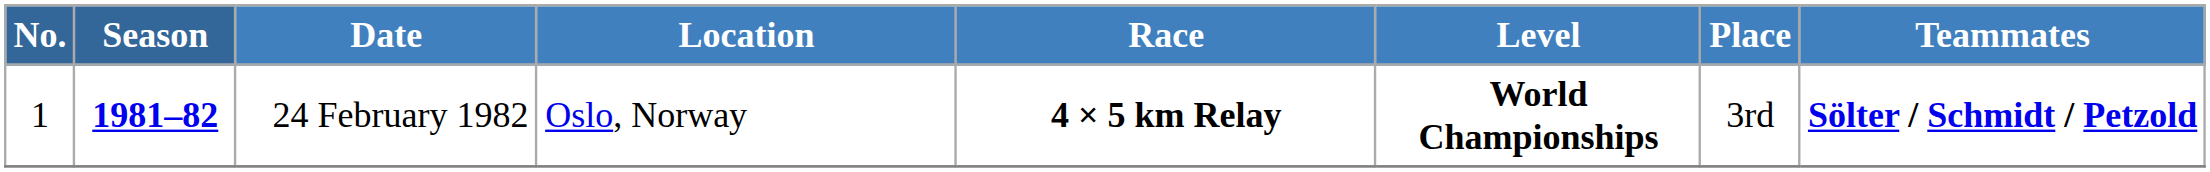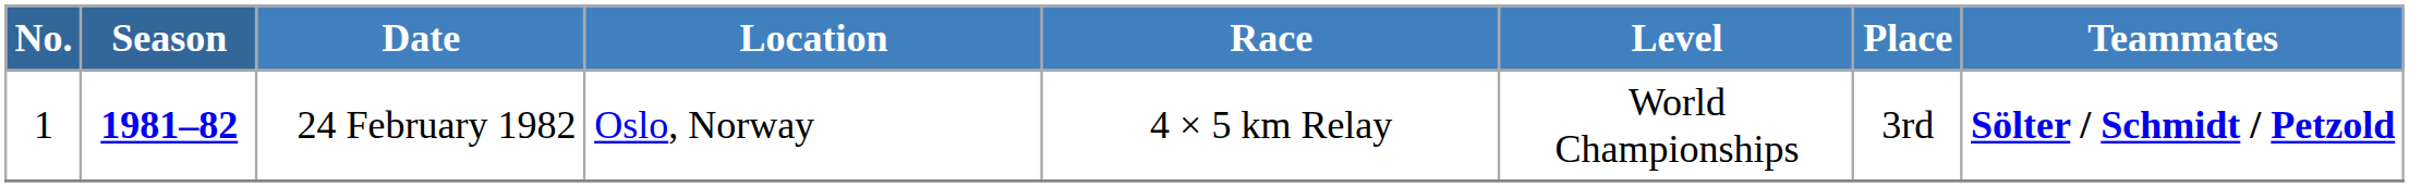 <table class="wikitable sortable" style="font-size:95%; text-align:center; border:grey solid 1px; border-collapse:collapse; background:#ffffff;">
 <tr style="background:#efefef;">
 <th style="background-color:#369; color:white;">No.</th>
 <th style="background-color:#369; color:white;">Season</th>
 <th style="background-color:#4180be; color:white; width:120px;">Date</th>
 <th style="background-color:#4180be; color:white; width:170px;">Location</th>
 <th style="background-color:#4180be; color:white; width:170px;">Race</th>
 <th style="background-color:#4180be; color:white; width:130px;">Level</th>
 <th style="background-color:#4180be; color:white;">Place</th>
 <th style="background-color:#4180be; color:white;">Teammates</th>
 </tr>
 <tr>
 <td align=center>1</td>
 <td rowspan=1 align=center><strong> <a href='#'>1981–82</a> </strong></td>
 <td align=right>24 February 1982</td>
 <td align=left> <a href='#'>Oslo</a>, Norway</td>
-<td><strong>4 × 5 km Relay</strong></td>
-<td><strong>World Championships</strong></td>
+<td>4 × 5 km Relay</td>
+<td>World Championships</td>
 <td>3rd</td>
 <td><strong><a href='#'>Sölter</a> / <a href='#'>Schmidt</a> / <a href='#'>Petzold</a></strong></td>
 </tr>
 <tr>
 </tr>
 </table>
